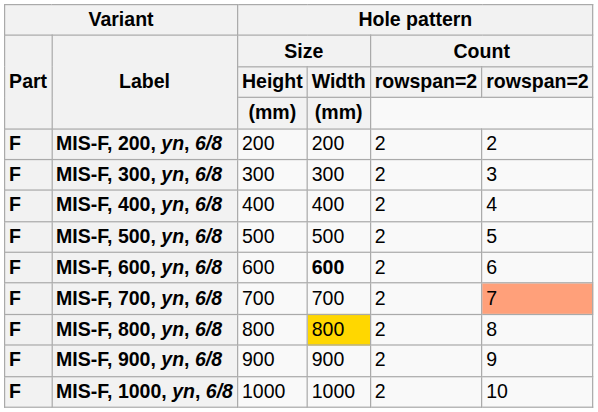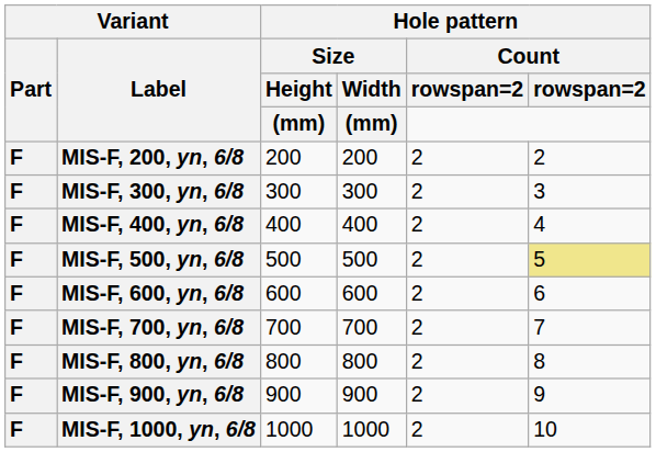 <table class="wikitable">
 <tr>
 <th colspan="2">Variant</th>
 <th colspan="4">Hole pattern</th>
 </tr>
 <tr>
 <th rowspan=3>Part</th>
 <th rowspan=3>Label</th>
 <th colspan="2">Size</th>
 <th colspan="2">Count</th>
 </tr>
 <tr>
 <th>Height</th>
 <th>Width</th>
 <th>rowspan=2 </th>
 <th>rowspan=2 </th>
 </tr>
 <tr>
 <th>(mm)</th>
 <th>(mm)</th>
 </tr>
 <tr>
 <th style="text-align:left" scope="row">F</th>
 <th style="text-align:left" scope="row">MIS-F, 200, <em>yn</em>, <em>6/8</em></th>
 <td>200</td>
 <td>200</td>
 <td>2</td>
 <td>2</td>
 </tr>
 <tr>
 <th style="text-align:left" scope="row">F</th>
 <th style="text-align:left" scope="row">MIS-F, 300, <em>yn</em>, <em>6/8</em></th>
 <td>300</td>
 <td>300</td>
 <td>2</td>
 <td>3</td>
 </tr>
 <tr>
 <th style="text-align:left" scope="row">F</th>
 <th style="text-align:left" scope="row">MIS-F, 400, <em>yn</em>, <em>6/8</em></th>
 <td>400</td>
 <td>400</td>
 <td>2</td>
 <td>4</td>
 </tr>
 <tr>
 <th style="text-align:left" scope="row">F</th>
 <th style="text-align:left" scope="row">MIS-F, 500, <em>yn</em>, <em>6/8</em></th>
 <td>500</td>
 <td>500</td>
 <td>2</td>
-<td>5</td>
+<td style="background: khaki;">5</td>
 </tr>
 <tr>
 <th style="text-align:left" scope="row">F</th>
 <th style="text-align:left" scope="row">MIS-F, 600, <em>yn</em>, <em>6/8</em></th>
 <td>600</td>
-<td><strong>600</strong></td>
+<td>600</td>
 <td>2</td>
 <td>6</td>
 </tr>
 <tr>
 <th style="text-align:left" scope="row">F</th>
 <th style="text-align:left" scope="row">MIS-F, 700, <em>yn</em>, <em>6/8</em></th>
 <td>700</td>
 <td>700</td>
 <td>2</td>
-<td style="background: lightsalmon;">7</td>
+<td>7</td>
 </tr>
 <tr>
 <th style="text-align:left" scope="row">F</th>
 <th style="text-align:left" scope="row">MIS-F, 800, <em>yn</em>, <em>6/8</em></th>
 <td>800</td>
-<td style="background: gold;">800</td>
+<td>800</td>
 <td>2</td>
 <td>8</td>
 </tr>
 <tr>
 <th style="text-align:left" scope="row">F</th>
 <th style="text-align:left" scope="row">MIS-F, 900, <em>yn</em>, <em>6/8</em></th>
 <td>900</td>
 <td>900</td>
 <td>2</td>
 <td>9</td>
 </tr>
 <tr>
 <th style="text-align:left" scope="row">F</th>
 <th style="text-align:left" scope="row">MIS-F, 1000, <em>yn</em>, <em>6/8</em></th>
 <td>1000</td>
 <td>1000</td>
 <td>2</td>
 <td>10</td>
 </tr>
 </table>
